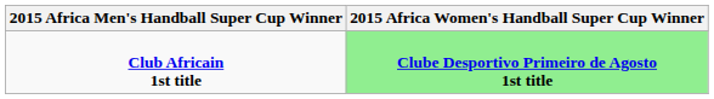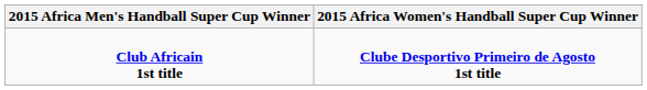 <table class=wikitable style="text-align:center; margin:auto">
 <tr>
 <th>2015 Africa Men's Handball Super Cup Winner</th>
 <th>2015 Africa Women's Handball Super Cup Winner</th>
 </tr>
 <tr>
 <td><br><strong><a href='#'>Club Africain</a></strong><br><strong>1st title</strong></td>
-<td style="background: lightgreen;"><br><strong><a href='#'>Clube Desportivo Primeiro de Agosto</a></strong><br><strong>1st title</strong></td>
+<td><br><strong><a href='#'>Clube Desportivo Primeiro de Agosto</a></strong><br><strong>1st title</strong></td>
 </tr>
 </table>
